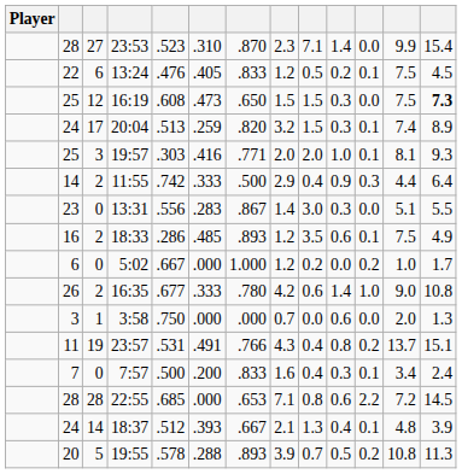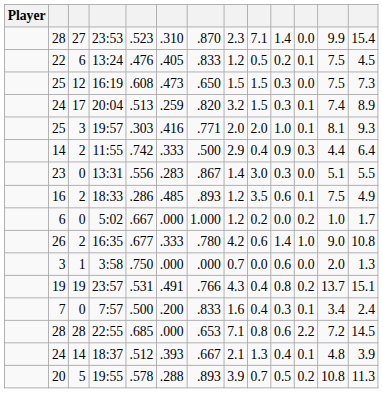 <table class="wikitable sortable" style="font-size:95%; text-align:right;">
 <tr>
 <th>Player</th>
 <th></th>
 <th></th>
 <th></th>
 <th></th>
 <th></th>
 <th></th>
 <th></th>
 <th></th>
 <th></th>
 <th></th>
 <th></th>
 <th></th>
 </tr>
 <tr>
 <td></td>
 <td>28</td>
 <td>27</td>
 <td>23:53</td>
 <td>.523</td>
 <td>.310</td>
 <td>.870</td>
 <td>2.3</td>
 <td>7.1</td>
 <td>1.4</td>
 <td>0.0</td>
 <td>9.9</td>
 <td>15.4</td>
 </tr>
 <tr>
 <td></td>
 <td>22</td>
 <td>6</td>
 <td>13:24</td>
 <td>.476</td>
 <td>.405</td>
 <td>.833</td>
 <td>1.2</td>
 <td>0.5</td>
 <td>0.2</td>
 <td>0.1</td>
 <td>7.5</td>
 <td>4.5</td>
 </tr>
 <tr>
 <td></td>
 <td>25</td>
 <td>12</td>
 <td>16:19</td>
 <td>.608</td>
 <td>.473</td>
 <td>.650</td>
 <td>1.5</td>
 <td>1.5</td>
 <td>0.3</td>
 <td>0.0</td>
 <td>7.5</td>
-<td><strong>7.3</strong></td>
+<td>7.3</td>
 </tr>
 <tr>
 <td></td>
 <td>24</td>
 <td>17</td>
 <td>20:04</td>
 <td>.513</td>
 <td>.259</td>
 <td>.820</td>
 <td>3.2</td>
 <td>1.5</td>
 <td>0.3</td>
 <td>0.1</td>
 <td>7.4</td>
 <td>8.9</td>
 </tr>
 <tr>
 <td></td>
 <td>25</td>
 <td>3</td>
 <td>19:57</td>
 <td>.303</td>
 <td>.416</td>
 <td>.771</td>
 <td>2.0</td>
 <td>2.0</td>
 <td>1.0</td>
 <td>0.1</td>
 <td>8.1</td>
 <td>9.3</td>
 </tr>
 <tr>
 <td></td>
 <td>14</td>
 <td>2</td>
 <td>11:55</td>
 <td>.742</td>
 <td>.333</td>
 <td>.500</td>
 <td>2.9</td>
 <td>0.4</td>
 <td>0.9</td>
 <td>0.3</td>
 <td>4.4</td>
 <td>6.4</td>
 </tr>
 <tr>
 <td></td>
 <td>23</td>
 <td>0</td>
 <td>13:31</td>
 <td>.556</td>
 <td>.283</td>
 <td>.867</td>
 <td>1.4</td>
 <td>3.0</td>
 <td>0.3</td>
 <td>0.0</td>
 <td>5.1</td>
 <td>5.5</td>
 </tr>
 <tr>
 <td></td>
 <td>16</td>
 <td>2</td>
 <td>18:33</td>
 <td>.286</td>
 <td>.485</td>
 <td>.893</td>
 <td>1.2</td>
 <td>3.5</td>
 <td>0.6</td>
 <td>0.1</td>
 <td>7.5</td>
 <td>4.9</td>
 </tr>
 <tr>
 <td></td>
 <td>6</td>
 <td>0</td>
 <td>5:02</td>
 <td>.667</td>
 <td>.000</td>
 <td>1.000</td>
 <td>1.2</td>
 <td>0.2</td>
 <td>0.0</td>
 <td>0.2</td>
 <td>1.0</td>
 <td>1.7</td>
 </tr>
 <tr>
 <td></td>
 <td>26</td>
 <td>2</td>
 <td>16:35</td>
 <td>.677</td>
 <td>.333</td>
 <td>.780</td>
 <td>4.2</td>
 <td>0.6</td>
 <td>1.4</td>
 <td>1.0</td>
 <td>9.0</td>
 <td>10.8</td>
 </tr>
 <tr>
 <td></td>
 <td>3</td>
 <td>1</td>
 <td>3:58</td>
 <td>.750</td>
 <td>.000</td>
 <td>.000</td>
 <td>0.7</td>
 <td>0.0</td>
 <td>0.6</td>
 <td>0.0</td>
 <td>2.0</td>
 <td>1.3</td>
 </tr>
 <tr>
 <td></td>
-<td>11</td>
+<td>19</td>
 <td>19</td>
 <td>23:57</td>
 <td>.531</td>
 <td>.491</td>
 <td>.766</td>
 <td>4.3</td>
 <td>0.4</td>
 <td>0.8</td>
 <td>0.2</td>
 <td>13.7</td>
 <td>15.1</td>
 </tr>
 <tr>
 <td></td>
 <td>7</td>
 <td>0</td>
 <td>7:57</td>
 <td>.500</td>
 <td>.200</td>
 <td>.833</td>
 <td>1.6</td>
 <td>0.4</td>
 <td>0.3</td>
 <td>0.1</td>
 <td>3.4</td>
 <td>2.4</td>
 </tr>
 <tr>
 <td></td>
 <td>28</td>
 <td>28</td>
 <td>22:55</td>
 <td>.685</td>
 <td>.000</td>
 <td>.653</td>
 <td>7.1</td>
 <td>0.8</td>
 <td>0.6</td>
 <td>2.2</td>
 <td>7.2</td>
 <td>14.5</td>
 </tr>
 <tr>
 <td></td>
 <td>24</td>
 <td>14</td>
 <td>18:37</td>
 <td>.512</td>
 <td>.393</td>
 <td>.667</td>
 <td>2.1</td>
 <td>1.3</td>
 <td>0.4</td>
 <td>0.1</td>
 <td>4.8</td>
 <td>3.9</td>
 </tr>
 <tr>
 <td></td>
 <td>20</td>
 <td>5</td>
 <td>19:55</td>
 <td>.578</td>
 <td>.288</td>
 <td>.893</td>
 <td>3.9</td>
 <td>0.7</td>
 <td>0.5</td>
 <td>0.2</td>
 <td>10.8</td>
 <td>11.3</td>
 </tr>
 </table>
